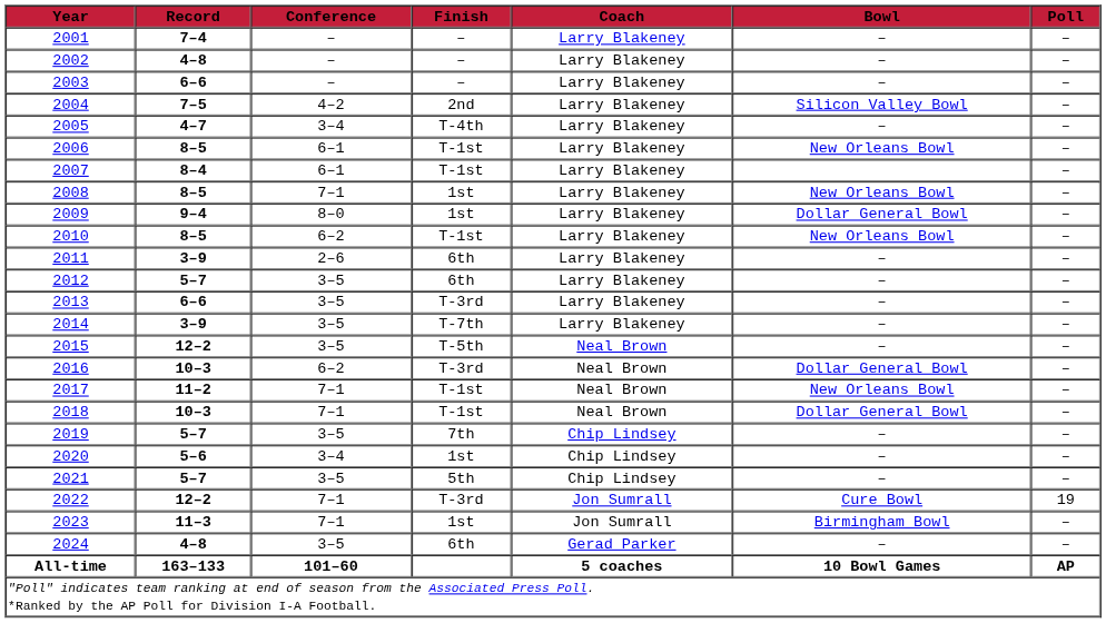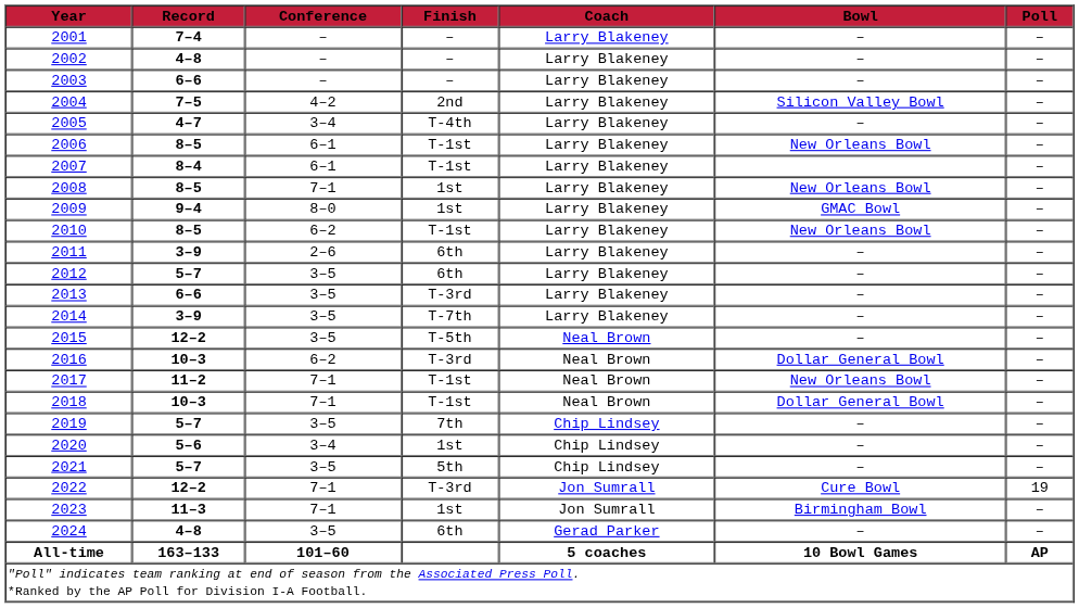 <table cellpadding="1" border="1" cellspacing="0" width="75%" style="text-align:center;">
 <tr style="background:#C41E3A;">
 <th><span>Year</span></th>
 <th><span>Record</span></th>
 <th><span>Conference</span></th>
 <th><span>Finish</span></th>
 <th><span>Coach</span></th>
 <th><span>Bowl</span></th>
 <th><span>Poll</span><br></th>
 </tr>
 <tr>
 <td><a href='#'>2001</a></td>
 <td><strong>7–4</strong></td>
 <td>–</td>
 <td>–</td>
 <td><a href='#'>Larry Blakeney</a></td>
 <td>–</td>
 <td>–<br></td>
 </tr>
 <tr>
 <td><a href='#'>2002</a></td>
 <td><strong>4–8</strong></td>
 <td>–</td>
 <td>–</td>
 <td>Larry Blakeney</td>
 <td>–</td>
 <td>–</td>
 </tr>
 <tr>
 <td><a href='#'>2003</a></td>
 <td><strong>6–6</strong></td>
 <td>–</td>
 <td>–</td>
 <td>Larry Blakeney</td>
 <td>–</td>
 <td>–<br></td>
 </tr>
 <tr>
 <td><a href='#'>2004</a></td>
 <td><strong>7–5</strong></td>
 <td>4–2</td>
 <td>2nd</td>
 <td>Larry Blakeney</td>
 <td><a href='#'>Silicon Valley Bowl</a></td>
 <td>–<br></td>
 </tr>
 <tr>
 <td><a href='#'>2005</a></td>
 <td><strong>4–7</strong></td>
 <td>3–4</td>
 <td>T-4th</td>
 <td>Larry Blakeney</td>
 <td>–</td>
 <td>–</td>
 </tr>
 <tr>
 <td><a href='#'>2006</a></td>
 <td><strong>8–5</strong></td>
 <td>6–1</td>
 <td>T-1st</td>
 <td>Larry Blakeney</td>
 <td><a href='#'>New Orleans Bowl</a></td>
 <td>–</td>
 </tr>
 <tr>
 <td><a href='#'>2007</a></td>
 <td><strong>8–4</strong></td>
 <td>6–1</td>
 <td>T-1st</td>
 <td>Larry Blakeney</td>
 <td></td>
 <td>–</td>
 </tr>
 <tr>
 <td><a href='#'>2008</a></td>
 <td><strong>8–5</strong></td>
 <td>7–1</td>
 <td>1st</td>
 <td>Larry Blakeney</td>
 <td><a href='#'>New Orleans Bowl</a></td>
 <td>–</td>
 </tr>
 <tr>
 <td><a href='#'>2009</a></td>
 <td><strong>9–4</strong></td>
 <td>8–0</td>
 <td>1st</td>
 <td>Larry Blakeney</td>
-<td><a href='#'>Dollar General Bowl</a></td>
+<td><a href='#'>GMAC Bowl</a></td>
 <td>–</td>
 </tr>
 <tr>
 <td><a href='#'>2010</a></td>
 <td><strong>8–5</strong></td>
 <td>6–2</td>
 <td>T-1st</td>
 <td>Larry Blakeney</td>
 <td><a href='#'>New Orleans Bowl</a></td>
 <td>–</td>
 </tr>
 <tr>
 <td><a href='#'>2011</a></td>
 <td><strong>3–9</strong></td>
 <td>2–6</td>
 <td>6th</td>
 <td>Larry Blakeney</td>
 <td>–</td>
 <td>–</td>
 </tr>
 <tr>
 <td><a href='#'>2012</a></td>
 <td><strong>5–7</strong></td>
 <td>3–5</td>
 <td>6th</td>
 <td>Larry Blakeney</td>
 <td>–</td>
 <td>–</td>
 </tr>
 <tr>
 <td><a href='#'>2013</a></td>
 <td><strong>6–6</strong></td>
 <td>3–5</td>
 <td>T-3rd</td>
 <td>Larry Blakeney</td>
 <td>–</td>
 <td>–</td>
 </tr>
 <tr>
 <td><a href='#'>2014</a></td>
 <td><strong>3–9</strong></td>
 <td>3–5</td>
 <td>T-7th</td>
 <td>Larry Blakeney</td>
 <td>–</td>
 <td>–</td>
 </tr>
 <tr>
 <td><a href='#'>2015</a></td>
 <td><strong>12–2</strong></td>
 <td>3–5</td>
 <td>T-5th</td>
 <td><a href='#'>Neal Brown</a></td>
 <td>–</td>
 <td>–</td>
 </tr>
 <tr>
 <td><a href='#'>2016</a></td>
 <td><strong>10–3</strong></td>
 <td>6–2</td>
 <td>T-3rd</td>
 <td>Neal Brown</td>
 <td><a href='#'>Dollar General Bowl</a></td>
 <td>–</td>
 </tr>
 <tr>
 <td><a href='#'>2017</a></td>
 <td><strong>11–2</strong></td>
 <td>7–1</td>
 <td>T-1st</td>
 <td>Neal Brown</td>
 <td><a href='#'>New Orleans Bowl</a></td>
 <td>–</td>
 </tr>
 <tr>
 <td><a href='#'>2018</a></td>
 <td><strong>10–3</strong></td>
 <td>7–1</td>
 <td>T-1st</td>
 <td>Neal Brown</td>
 <td><a href='#'>Dollar General Bowl</a></td>
 <td>–</td>
 </tr>
 <tr>
 <td><a href='#'>2019</a></td>
 <td><strong>5–7</strong></td>
 <td>3–5</td>
 <td>7th</td>
 <td><a href='#'>Chip Lindsey</a></td>
 <td>–</td>
 <td>–</td>
 </tr>
 <tr>
 <td><a href='#'>2020</a></td>
 <td><strong>5–6</strong></td>
 <td>3–4</td>
 <td>1st</td>
 <td>Chip Lindsey</td>
 <td>–</td>
 <td>–</td>
 </tr>
 <tr>
 <td><a href='#'>2021</a></td>
 <td><strong>5–7</strong></td>
 <td>3–5</td>
 <td>5th</td>
 <td>Chip Lindsey</td>
 <td>–</td>
 <td>–</td>
 </tr>
 <tr>
 <td><a href='#'>2022</a></td>
 <td><strong>12–2</strong></td>
 <td>7–1</td>
 <td>T-3rd</td>
 <td><a href='#'>Jon Sumrall</a></td>
 <td><a href='#'>Cure Bowl</a></td>
 <td>19</td>
 </tr>
 <tr>
 <td><a href='#'>2023</a></td>
 <td><strong>11–3</strong></td>
 <td>7–1</td>
 <td>1st</td>
 <td>Jon Sumrall</td>
 <td><a href='#'>Birmingham Bowl</a></td>
 <td>–</td>
 </tr>
 <tr>
 <td><a href='#'>2024</a></td>
 <td><strong>4–8</strong></td>
 <td>3–5</td>
 <td>6th</td>
 <td><a href='#'>Gerad Parker</a></td>
 <td>–</td>
 <td>–</td>
 </tr>
 <tr>
 </tr>
 <tr>
 <td><strong>All-time</strong></td>
 <td><strong>163–133</strong></td>
 <td><strong>101–60</strong></td>
 <td></td>
 <td><strong>5 coaches</strong></td>
 <td><strong>10 Bowl Games</strong> </td>
 <td><strong>AP</strong></td>
 </tr>
 <tr align=left>
 <td colspan="7"><small> <em>"Poll" indicates team ranking at end of season from the <a href='#'>Associated Press Poll</a>.</em><br> *Ranked by the AP Poll for Division I-A Football.</small></td>
 </tr>
 </table>
